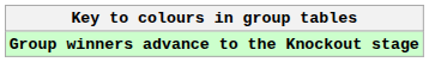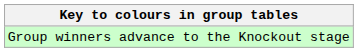 <table class="wikitable">
 <tr>
 <th>Key to colours in group tables</th>
 </tr>
 <tr bgcolor=#ccffcc>
-<td><strong>Group winners advance to the Knockout stage</strong></td>
+<td>Group winners advance to the Knockout stage</td>
 </tr>
 </table>
